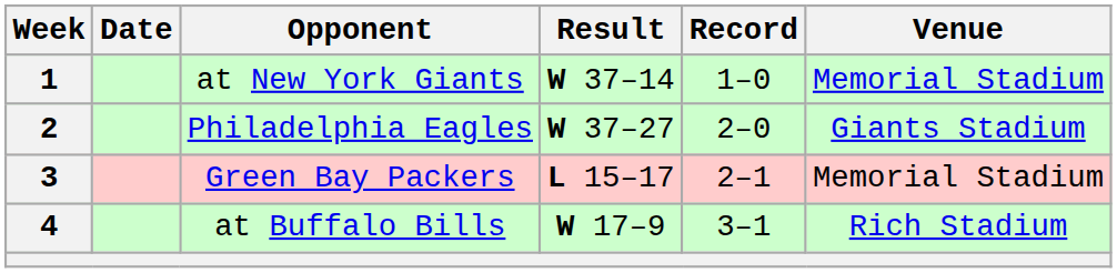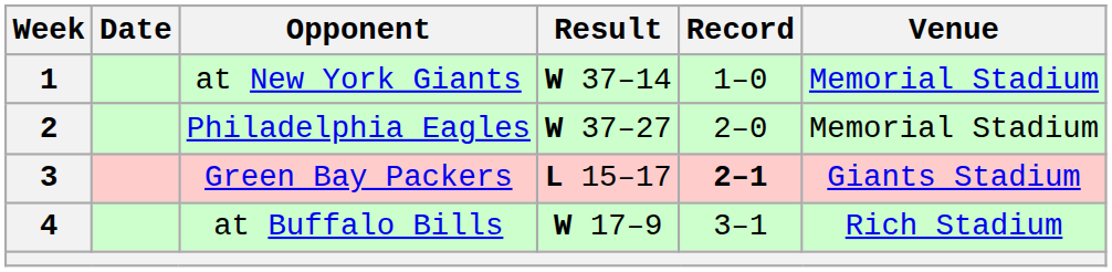 <table class="wikitable" style="text-align:center">
 <tr>
 <th>Week</th>
 <th>Date</th>
 <th>Opponent</th>
 <th>Result</th>
 <th>Record</th>
 <th>Venue</th>
 </tr>
 <tr style="background:#cfc">
 <th>1</th>
 <td></td>
 <td>at <a href='#'>New York Giants</a></td>
 <td><strong>W</strong> 37–14</td>
 <td>1–0</td>
 <td><a href='#'>Memorial Stadium</a></td>
 </tr>
 <tr style="background:#cfc">
 <th>2</th>
 <td></td>
 <td><a href='#'>Philadelphia Eagles</a></td>
 <td><strong>W</strong> 37–27</td>
 <td>2–0</td>
-<td><a href='#'>Giants Stadium</a></td>
+<td>Memorial Stadium</td>
 </tr>
 <tr style="background:#fcc">
 <th>3</th>
 <td></td>
 <td><a href='#'>Green Bay Packers</a></td>
 <td><strong>L</strong> 15–17</td>
-<td>2–1</td>
-<td>Memorial Stadium</td>
+<td><strong>2–1</strong></td>
+<td><a href='#'>Giants Stadium</a></td>
 </tr>
 <tr style="background:#cfc">
 <th>4</th>
 <td></td>
 <td>at <a href='#'>Buffalo Bills</a></td>
 <td><strong>W</strong> 17–9</td>
 <td>3–1</td>
 <td><a href='#'>Rich Stadium</a></td>
 </tr>
 <tr>
 <th colspan="6"></th>
 </tr>
 </table>
